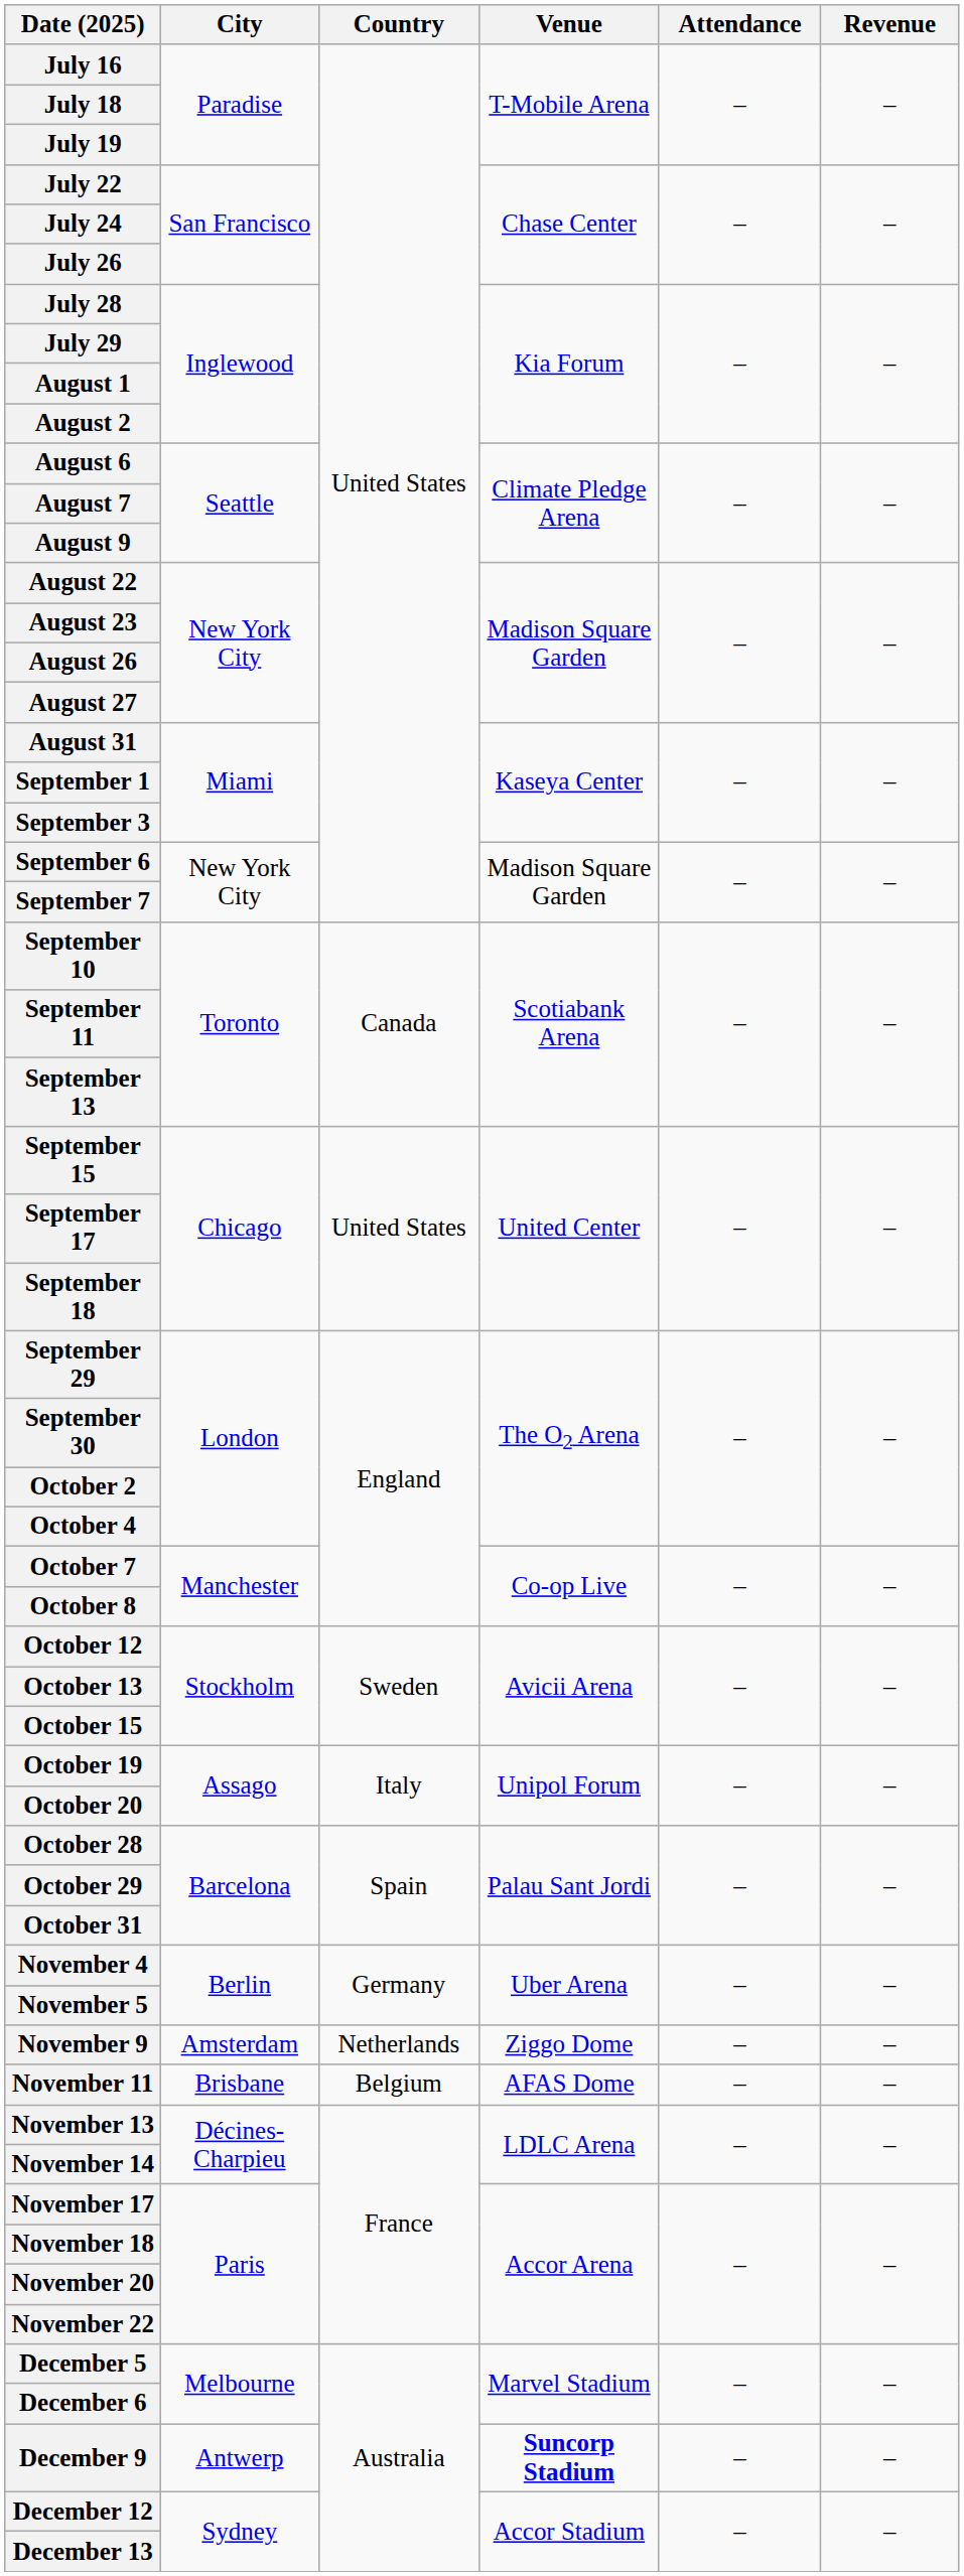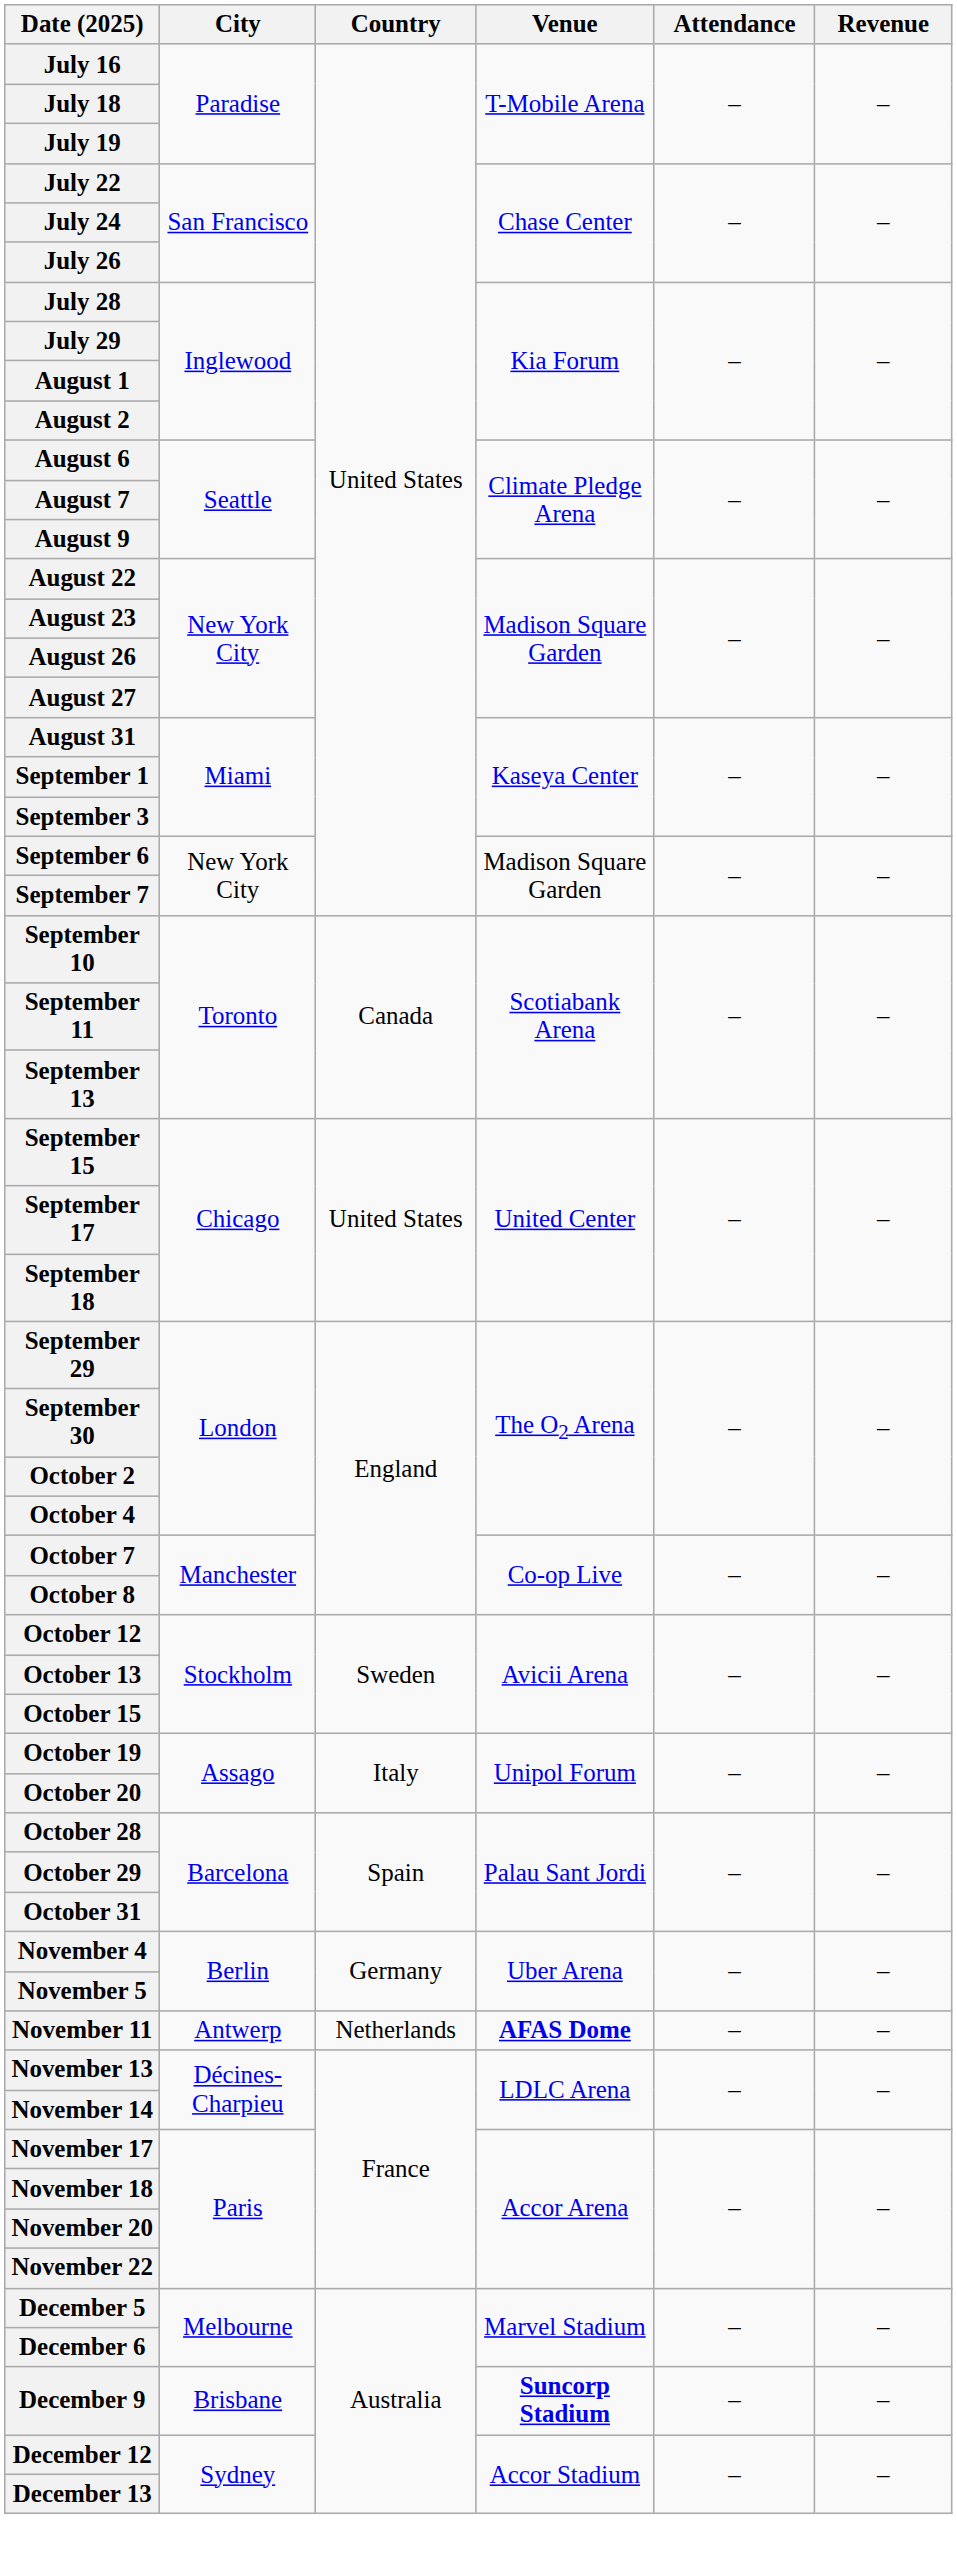 <table class="wikitable plainrowheaders" style="text-align:center;">
 <tr>
 <th scope="col" style="width:10em;">Date (2025)</th>
 <th scope="col" style="width:10em;">City</th>
 <th scope="col" style="width:10em;">Country</th>
 <th scope="col" style="width:15em;">Venue</th>
 <th scope="col" style="width:10em;">Attendance</th>
 <th scope="col" style="width:10em;">Revenue</th>
 </tr>
 <tr>
 <th scope="row" style="text-align:center;">July 16</th>
 <td rowspan="3"><a href='#'>Paradise</a></td>
 <td rowspan="22">United States</td>
 <td rowspan="3"><a href='#'>T-Mobile Arena</a></td>
 <td rowspan="3">–</td>
 <td rowspan="3">–</td>
 </tr>
 <tr>
 <th scope="row" style="text-align:center;">July 18</th>
 </tr>
 <tr>
 <th scope="row" style="text-align:center;">July 19</th>
 </tr>
 <tr>
 <th scope="row" style="text-align:center;">July 22</th>
 <td rowspan="3"><a href='#'>San Francisco</a></td>
 <td rowspan="3"><a href='#'>Chase Center</a></td>
 <td rowspan="3">–</td>
 <td rowspan="3">–</td>
 </tr>
 <tr>
 <th scope="row" style="text-align:center;">July 24</th>
 </tr>
 <tr>
 <th scope="row" style="text-align:center;">July 26</th>
 </tr>
 <tr>
 <th scope="row" style="text-align:center;">July 28</th>
 <td rowspan="4"><a href='#'>Inglewood</a></td>
 <td rowspan="4"><a href='#'>Kia Forum</a></td>
 <td rowspan="4">–</td>
 <td rowspan="4">–</td>
 </tr>
 <tr>
 <th scope="row" style="text-align:center;">July 29</th>
 </tr>
 <tr>
 <th scope="row" style="text-align:center;">August 1</th>
 </tr>
 <tr>
 <th scope="row" style="text-align:center;">August 2</th>
 </tr>
 <tr>
 <th scope="row" style="text-align:center;">August 6</th>
 <td rowspan="3"><a href='#'>Seattle</a></td>
 <td rowspan="3"><a href='#'>Climate Pledge Arena</a></td>
 <td rowspan="3">–</td>
 <td rowspan="3">–</td>
 </tr>
 <tr>
 <th scope="row" style="text-align:center;">August 7</th>
 </tr>
 <tr>
 <th scope="row" style="text-align:center;">August 9</th>
 </tr>
 <tr>
 <th scope="row" style="text-align:center;">August 22</th>
 <td rowspan="4"><a href='#'>New York City</a></td>
 <td rowspan="4"><a href='#'>Madison Square Garden</a></td>
 <td rowspan="4">–</td>
 <td rowspan="4">–</td>
 </tr>
 <tr>
 <th scope="row" style="text-align:center;">August 23</th>
 </tr>
 <tr>
 <th scope="row" style="text-align:center;">August 26</th>
 </tr>
 <tr>
 <th scope="row" style="text-align:center;">August 27</th>
 </tr>
 <tr>
 <th scope="row" style="text-align:center;">August 31</th>
 <td rowspan="3"><a href='#'>Miami</a></td>
 <td rowspan="3"><a href='#'>Kaseya Center</a></td>
 <td rowspan="3">–</td>
 <td rowspan="3">–</td>
 </tr>
 <tr>
 <th scope="row" style="text-align:center;">September 1</th>
 </tr>
 <tr>
 <th scope="row" style="text-align:center;">September 3</th>
 </tr>
 <tr>
 <th scope="row" style="text-align:center;">September 6</th>
 <td rowspan="2">New York City</td>
 <td rowspan="2">Madison Square Garden</td>
 <td rowspan="2">–</td>
 <td rowspan="2">–</td>
 </tr>
 <tr>
 <th scope="row" style="text-align:center;">September 7</th>
 </tr>
 <tr>
 <th scope="row" style="text-align:center;">September 10</th>
 <td rowspan="3"><a href='#'>Toronto</a></td>
 <td rowspan="3">Canada</td>
 <td rowspan="3"><a href='#'>Scotiabank Arena</a></td>
 <td rowspan="3">–</td>
 <td rowspan="3">–</td>
 </tr>
 <tr>
 <th scope="row" style="text-align:center;">September 11</th>
 </tr>
 <tr>
 <th scope="row" style="text-align:center;">September 13</th>
 </tr>
 <tr>
 <th scope="row" style="text-align:center;">September 15</th>
 <td rowspan="3"><a href='#'>Chicago</a></td>
 <td rowspan="3">United States</td>
 <td rowspan="3"><a href='#'>United Center</a></td>
 <td rowspan="3">–</td>
 <td rowspan="3">–</td>
 </tr>
 <tr>
 <th scope="row" style="text-align:center;">September 17</th>
 </tr>
 <tr>
 <th scope="row" style="text-align:center;">September 18</th>
 </tr>
 <tr>
 <th scope="row" style="text-align:center;">September 29</th>
 <td rowspan="4"><a href='#'>London</a></td>
 <td rowspan="6">England</td>
 <td rowspan="4"><a href='#'>The O<sub>2</sub> Arena</a></td>
 <td rowspan="4">–</td>
 <td rowspan="4">–</td>
 </tr>
 <tr>
 <th scope="row" style="text-align:center;">September 30</th>
 </tr>
 <tr>
 <th scope="row" style="text-align:center;">October 2</th>
 </tr>
 <tr>
 <th scope="row" style="text-align:center;">October 4</th>
 </tr>
 <tr>
 <th scope="row" style="text-align:center;">October 7</th>
 <td rowspan="2"><a href='#'>Manchester</a></td>
 <td rowspan="2"><a href='#'>Co-op Live</a></td>
 <td rowspan="2">–</td>
 <td rowspan="2">–</td>
 </tr>
 <tr>
 <th scope="row" style="text-align:center;">October 8</th>
 </tr>
 <tr>
 <th scope="row" style="text-align:center;">October 12</th>
 <td rowspan="3"><a href='#'>Stockholm</a></td>
 <td rowspan="3">Sweden</td>
 <td rowspan="3"><a href='#'>Avicii Arena</a></td>
 <td rowspan="3">–</td>
 <td rowspan="3">–</td>
 </tr>
 <tr>
 <th scope="row" style="text-align:center;">October 13</th>
 </tr>
 <tr>
 <th scope="row" style="text-align:center;">October 15</th>
 </tr>
 <tr>
 <th scope="row" style="text-align:center;">October 19</th>
 <td rowspan="2"><a href='#'>Assago</a></td>
 <td rowspan="2">Italy</td>
 <td rowspan="2"><a href='#'>Unipol Forum</a></td>
 <td rowspan="2">–</td>
 <td rowspan="2">–</td>
 </tr>
 <tr>
 <th scope="row" style="text-align:center;">October 20</th>
 </tr>
 <tr>
 <th scope="row" style="text-align:center;">October 28</th>
 <td rowspan="3"><a href='#'>Barcelona</a></td>
 <td rowspan="3">Spain</td>
 <td rowspan="3"><a href='#'>Palau Sant Jordi</a></td>
 <td rowspan="3">–</td>
 <td rowspan="3">–</td>
 </tr>
 <tr>
 <th scope="row" style="text-align:center;">October 29</th>
 </tr>
 <tr>
 <th scope="row" style="text-align:center;">October 31</th>
 </tr>
 <tr>
 <th scope="row" style="text-align:center;">November 4</th>
 <td rowspan="2"><a href='#'>Berlin</a></td>
 <td rowspan="2">Germany</td>
 <td rowspan="2"><a href='#'>Uber Arena</a></td>
 <td rowspan="2">–</td>
 <td rowspan="2">–</td>
 </tr>
 <tr>
 <th scope="row" style="text-align:center;">November 5</th>
 </tr>
 <tr>
-<th scope="row" style="text-align:center;">November 9</th>
-<td><a href='#'>Amsterdam</a></td>
+<th scope="row" style="text-align:center;">November 11</th>
+<td><a href='#'>Antwerp</a></td>
 <td>Netherlands</td>
-<td><a href='#'>Ziggo Dome</a></td>
-<td>–</td>
-<td>–</td>
-</tr>
-<tr>
-<th scope="row" style="text-align:center;">November 11</th>
-<td><a href='#'>Brisbane</a></td>
-<td>Belgium</td>
-<td><a href='#'>AFAS Dome</a></td>
+<td><strong><a href='#'>AFAS Dome</a></strong></td>
 <td>–</td>
 <td>–</td>
 </tr>
 <tr>
 <th scope="row" style="text-align:center;">November 13</th>
 <td rowspan="2"><a href='#'>Décines-Charpieu</a></td>
 <td rowspan="6">France</td>
 <td rowspan="2"><a href='#'>LDLC Arena</a></td>
 <td rowspan="2">–</td>
 <td rowspan="2">–</td>
 </tr>
 <tr>
 <th scope="row" style="text-align:center;">November 14</th>
 </tr>
 <tr>
 <th scope="row" style="text-align:center;">November 17</th>
 <td rowspan="4"><a href='#'>Paris</a></td>
 <td rowspan="4"><a href='#'>Accor Arena</a></td>
 <td rowspan="4">–</td>
 <td rowspan="4">–</td>
 </tr>
 <tr>
 <th scope="row" style="text-align:center;">November 18</th>
 </tr>
 <tr>
 <th scope="row" style="text-align:center;">November 20</th>
 </tr>
 <tr>
 <th scope="row" style="text-align:center;">November 22</th>
 </tr>
 <tr>
 <th scope="row" style="text-align:center;">December 5</th>
 <td rowspan="2"><a href='#'>Melbourne</a></td>
 <td rowspan="5">Australia</td>
 <td rowspan="2"><a href='#'>Marvel Stadium</a></td>
 <td rowspan="2">–</td>
 <td rowspan="2">–</td>
 </tr>
 <tr>
 <th scope="row" style="text-align:center;">December 6</th>
 </tr>
 <tr>
 <th scope="row" style="text-align:center;">December 9</th>
-<td><a href='#'>Antwerp</a></td>
+<td><a href='#'>Brisbane</a></td>
 <td><strong><a href='#'>Suncorp Stadium</a></strong></td>
 <td>–</td>
 <td>–</td>
 </tr>
 <tr>
 <th scope="row" style="text-align:center;">December 12</th>
 <td rowspan="2"><a href='#'>Sydney</a></td>
 <td rowspan="2"><a href='#'>Accor Stadium</a></td>
 <td rowspan="2">–</td>
 <td rowspan="2">–</td>
 </tr>
 <tr>
 <th scope="row" style="text-align:center;">December 13</th>
 </tr>
 </table>
